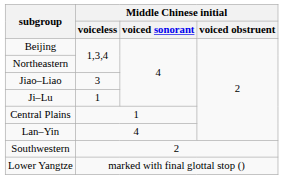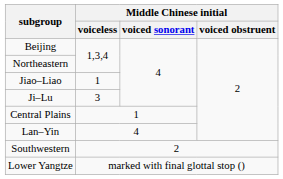 <table class="wikitable" style="text-align:center; margin:1em auto 1em auto">
 <tr>
 <th rowspan=2>subgroup</th>
 <th colspan=3>Middle Chinese initial</th>
 </tr>
 <tr>
 <th>voiceless</th>
 <th>voiced <a href='#'>sonorant</a></th>
 <th>voiced obstruent</th>
 </tr>
 <tr>
 <td>Beijing</td>
 <td rowspan=2>1,3,4</td>
 <td rowspan=4>4</td>
 <td rowspan=6>2</td>
 </tr>
 <tr>
 <td>Northeastern</td>
 </tr>
 <tr>
 <td>Jiao–Liao</td>
-<td>3</td>
+<td>1</td>
 </tr>
 <tr>
 <td>Ji–Lu</td>
-<td>1</td>
+<td>3</td>
 </tr>
 <tr>
 <td>Central Plains</td>
 <td colspan=2>1</td>
 </tr>
 <tr>
 <td>Lan–Yin</td>
 <td colspan=2>4</td>
 </tr>
 <tr>
 <td>Southwestern</td>
 <td colspan=3>2</td>
 </tr>
 <tr>
 <td>Lower Yangtze</td>
 <td colspan=3>marked with final glottal stop ()</td>
 </tr>
 </table>
